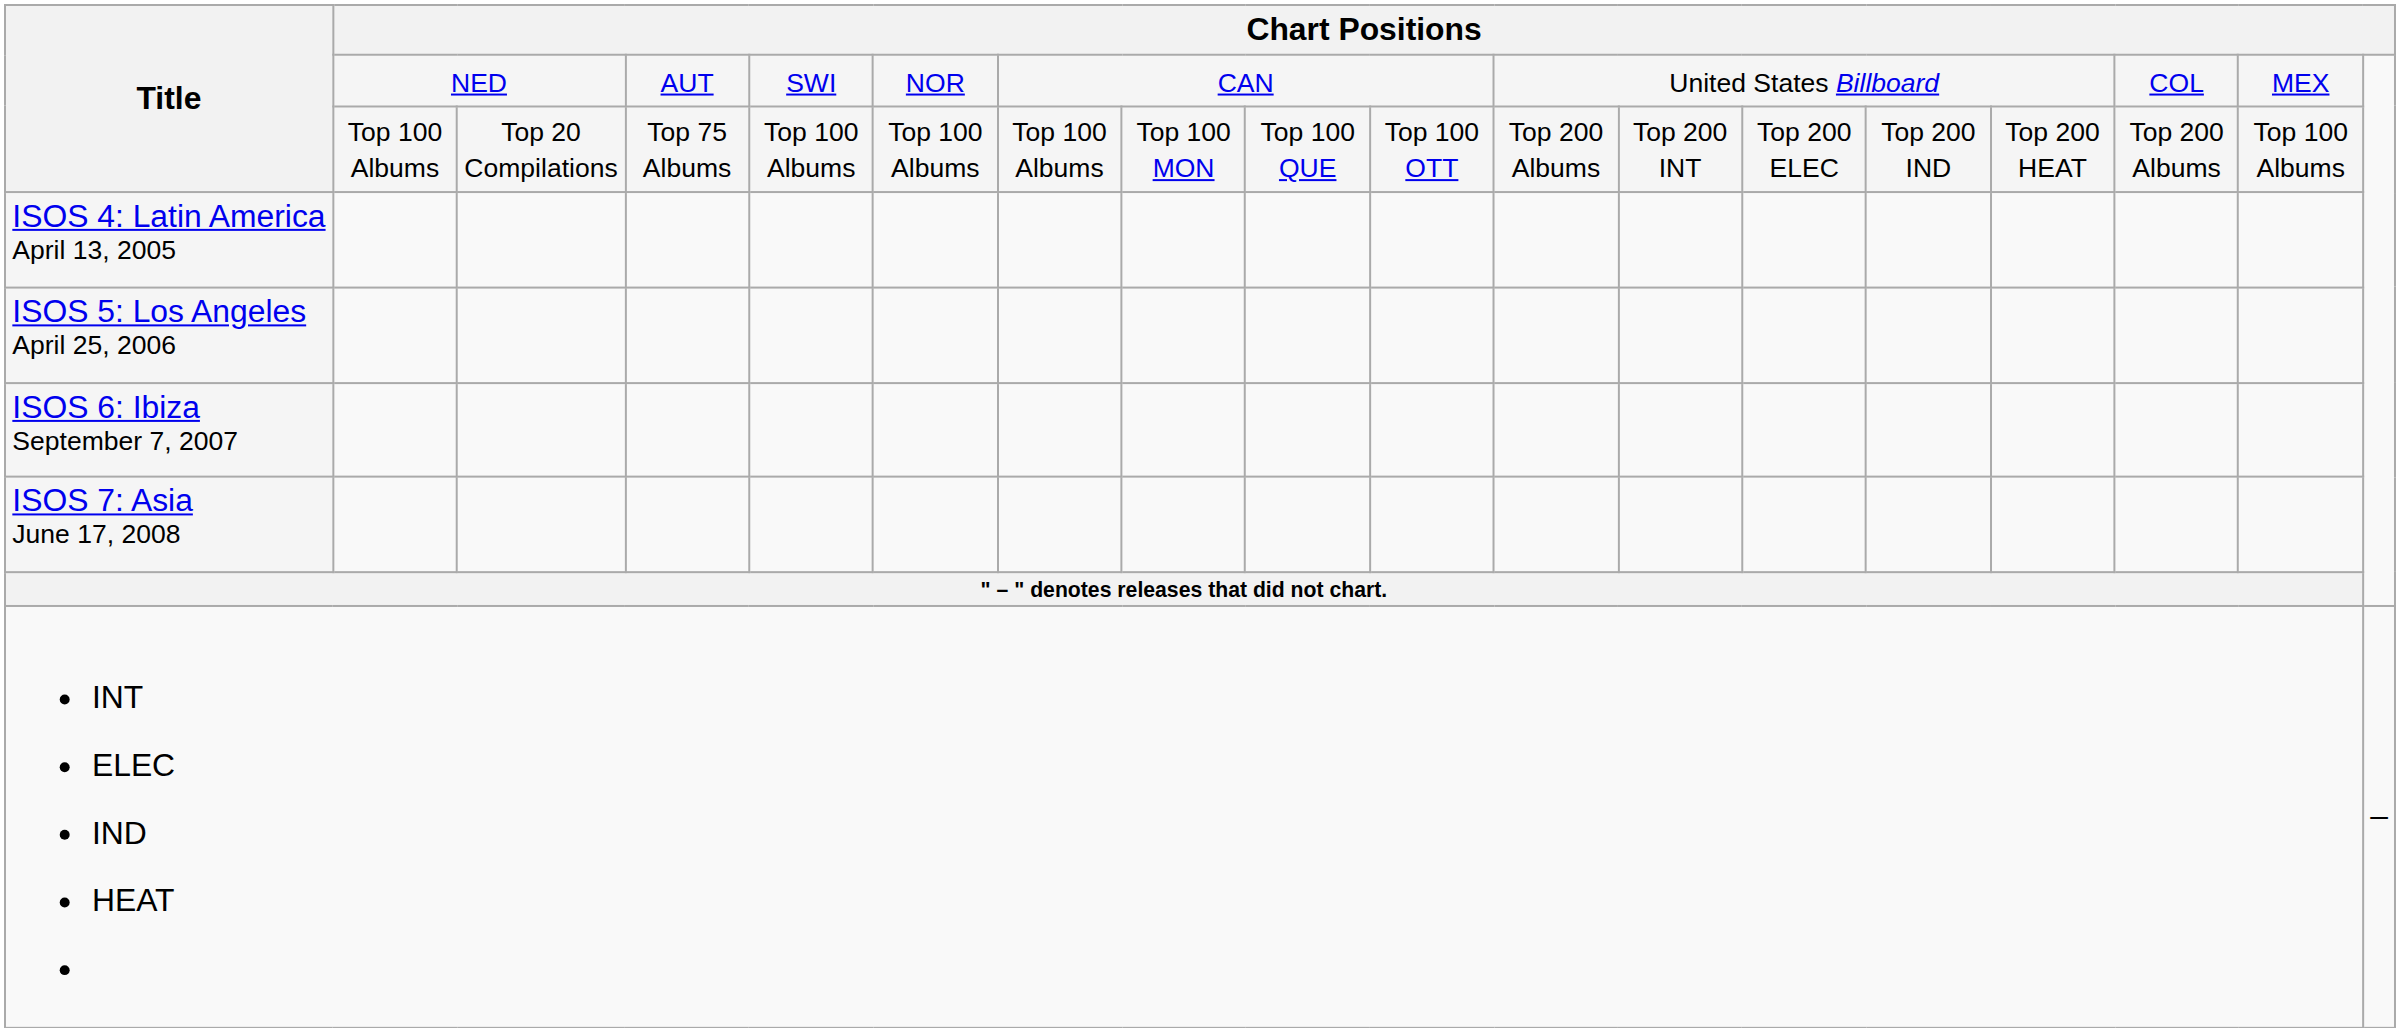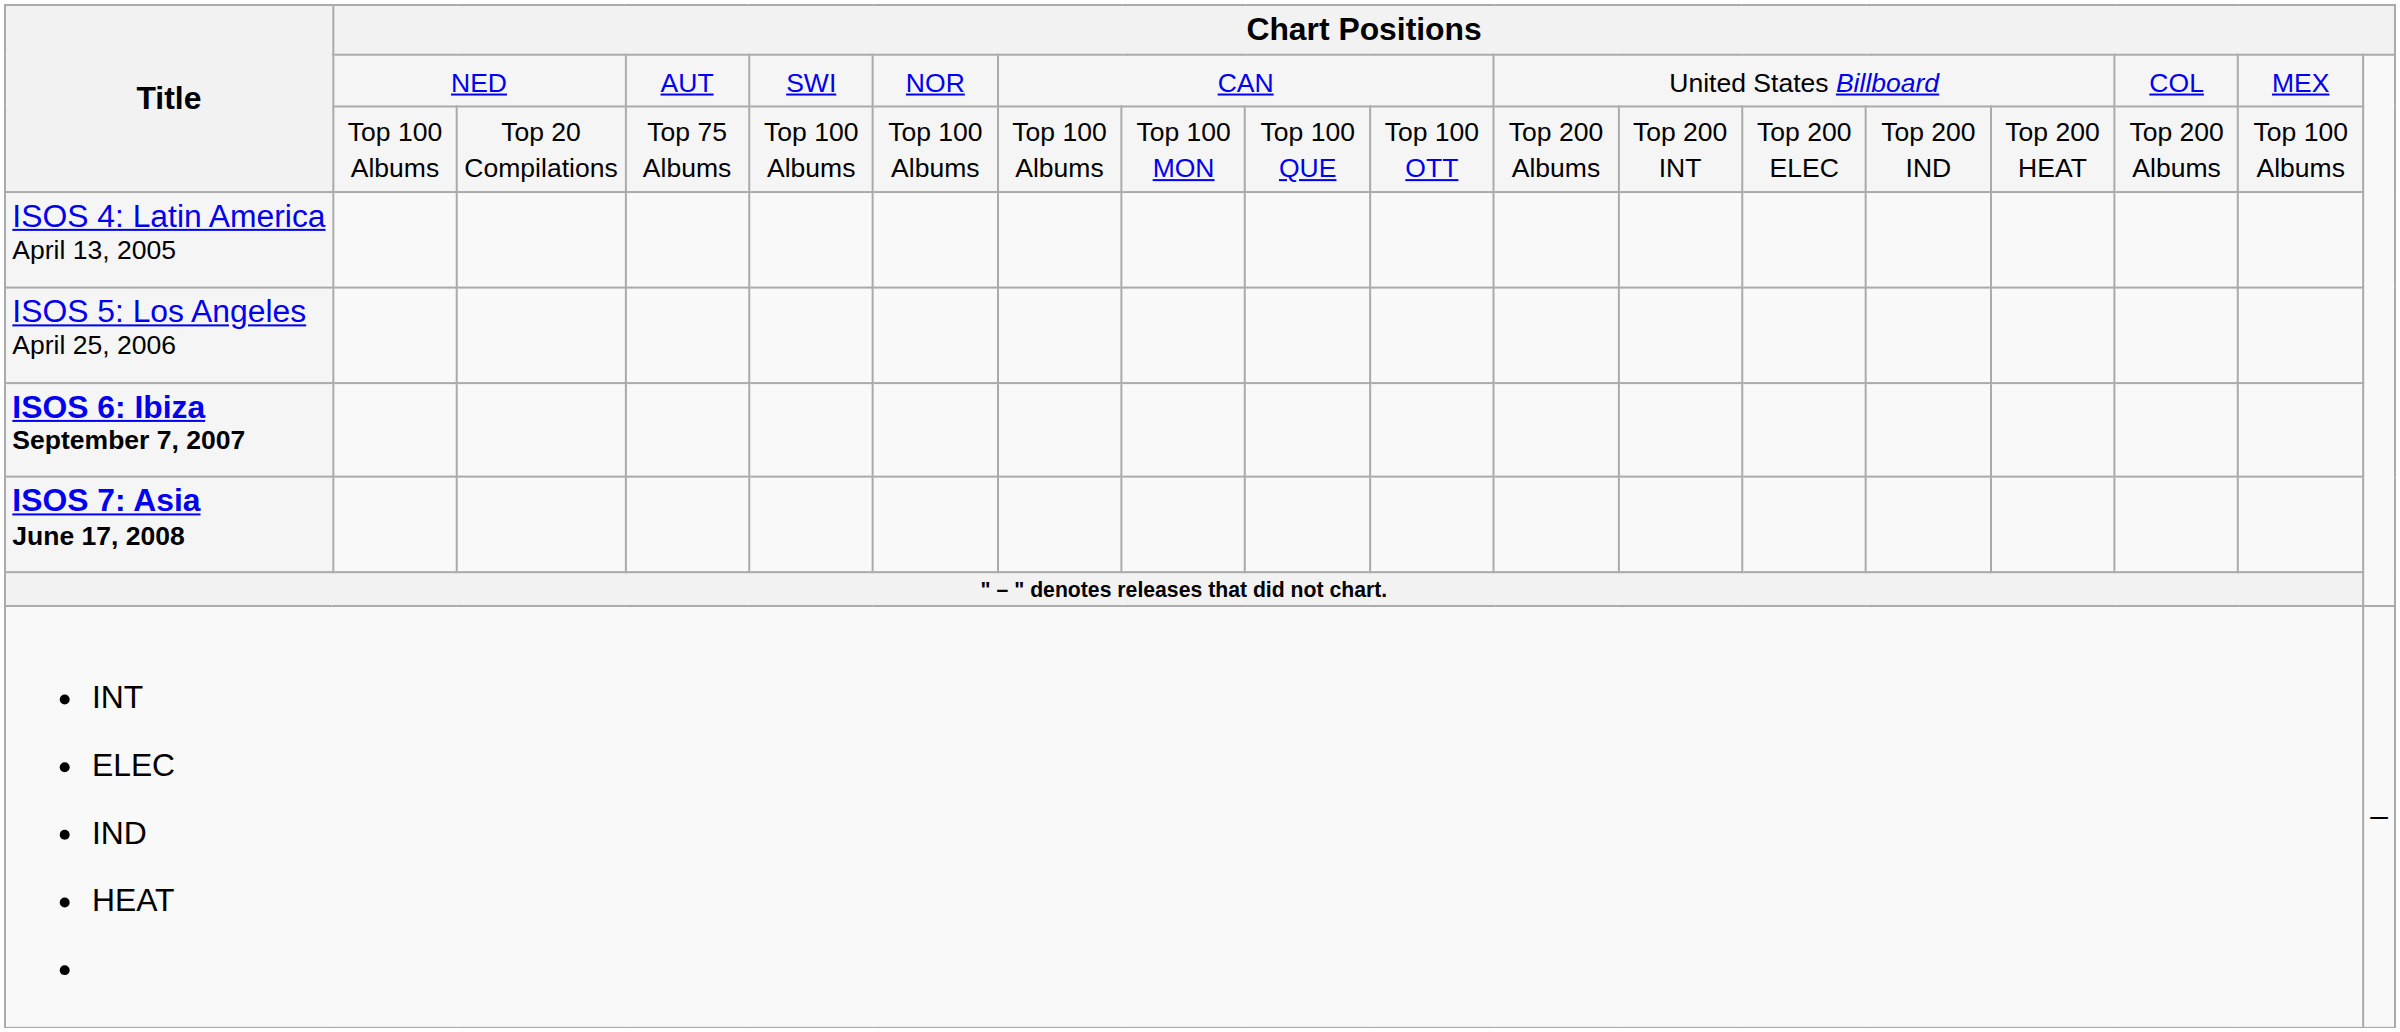 <table class="wikitable">
 <tr align="center">
 <th rowspan="3">Title</th>
 <th width="200" colspan="17"><strong>Chart Positions</strong></th>
 </tr>
 <tr bgcolor="F5F5F5" align="center">
 <td colspan="2"><small><a href='#'>NED</a></small></td>
 <td><small><a href='#'>AUT</a></small></td>
 <td><small><a href='#'>SWI</a></small></td>
 <td><small><a href='#'>NOR</a></small></td>
 <td colspan="4"><small><a href='#'>CAN</a></small></td>
 <td colspan="5"><small>United States <em><a href='#'>Billboard</a></em></small></td>
 <td><small><a href='#'>COL</a></small></td>
 <td><small><a href='#'>MEX</a></small></td>
 </tr>
 <tr align="center" bgcolor="F5F5F5">
 <td width="55"><small>Top 100<br>Albums</small></td>
 <td width="55"><small>Top 20<br>Compilations</small></td>
 <td width="55"><small>Top 75<br>Albums</small></td>
 <td width="55"><small>Top 100<br>Albums</small></td>
 <td width="55"><small>Top 100<br>Albums</small></td>
 <td width="55"><small>Top 100<br>Albums</small></td>
 <td width="55"><small>Top 100<br><a href='#'>MON</a></small></td>
 <td width="55"><small>Top 100<br><a href='#'>QUE</a></small></td>
 <td width="55"><small>Top 100<br><a href='#'>OTT</a></small></td>
 <td width="55"><small>Top 200<br>Albums</small></td>
 <td width="55"><small>Top 200<br>INT</small></td>
 <td width="55"><small>Top 200<br>ELEC</small></td>
 <td width="55"><small>Top 200<br>IND</small></td>
 <td width="55"><small>Top 200<br>HEAT</small></td>
 <td width="55"><small>Top 200<br>Albums</small></td>
 <td width="55"><small>Top 100<br>Albums</small></td>
 </tr>
 <tr>
 <td bgcolor="F5F5F5"><a href='#'>ISOS 4: Latin America</a><br><sup>April 13, 2005</sup></td>
 <td></td>
 <td></td>
 <td></td>
 <td></td>
 <td></td>
 <td></td>
 <td></td>
 <td></td>
 <td></td>
 <td></td>
 <td></td>
 <td></td>
 <td></td>
 <td></td>
 <td></td>
 <td></td>
 </tr>
 <tr>
 <td bgcolor="F5F5F5"><a href='#'>ISOS 5: Los Angeles</a><br><sup>April 25, 2006</sup></td>
 <td></td>
 <td></td>
 <td></td>
 <td></td>
 <td></td>
 <td></td>
 <td></td>
 <td></td>
 <td></td>
 <td></td>
 <td></td>
 <td></td>
 <td></td>
 <td></td>
 <td></td>
 <td></td>
 </tr>
 <tr>
-<td bgcolor="F5F5F5"><a href='#'>ISOS 6: Ibiza</a><br><sup>September 7, 2007</sup></td>
+<td bgcolor="F5F5F5"><strong><a href='#'>ISOS 6: Ibiza</a><br><sup>September 7, 2007</sup></strong></td>
 <td></td>
 <td></td>
 <td></td>
 <td></td>
 <td></td>
 <td></td>
 <td></td>
 <td></td>
 <td></td>
 <td></td>
 <td></td>
 <td></td>
 <td></td>
 <td></td>
 <td></td>
 <td></td>
 </tr>
 <tr>
-<td bgcolor="F5F5F5"><a href='#'>ISOS 7: Asia</a><br><sup>June 17, 2008</sup></td>
+<td bgcolor="F5F5F5"><strong><a href='#'>ISOS 7: Asia</a><br><sup>June 17, 2008</sup></strong></td>
 <td></td>
 <td></td>
 <td></td>
 <td></td>
 <td></td>
 <td></td>
 <td></td>
 <td></td>
 <td></td>
 <td></td>
 <td></td>
 <td></td>
 <td></td>
 <td></td>
 <td></td>
 <td></td>
 </tr>
 <tr>
 <th align="center" colspan="17" style="font-size: 8pt">" – " denotes releases that did not chart.</th>
 </tr>
 <tr>
 <td colspan="17"><br> <ul><li>INT </li></ul><ul><li>ELEC </li></ul><ul><li>IND </li></ul><ul><li>HEAT </li></ul><ul><li></li></ul></td>
 <td>–</td>
 </tr>
 </table>
